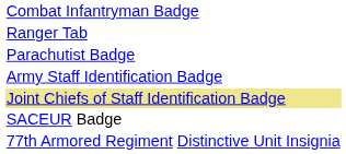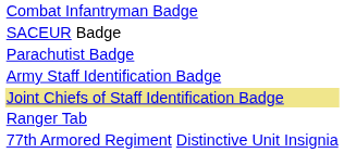 <table>
 <tr>
 <td> <a href='#'>Combat Infantryman Badge</a></td>
 </tr>
 <tr>
-<td> <a href='#'>Ranger Tab</a></td>
+<td> <a href='#'>SACEUR</a> Badge</td>
 </tr>
 <tr>
 <td> <a href='#'>Parachutist Badge</a></td>
 </tr>
 <tr>
 <td> <a href='#'>Army Staff Identification Badge</a></td>
 </tr>
 <tr>
 <td style="background: khaki;"> <a href='#'>Joint Chiefs of Staff Identification Badge</a></td>
 </tr>
 <tr>
-<td> <a href='#'>SACEUR</a> Badge</td>
+<td> <a href='#'>Ranger Tab</a></td>
 </tr>
 <tr>
 <td> <a href='#'>77th Armored Regiment</a> <a href='#'>Distinctive Unit Insignia</a></td>
 </tr>
 </table>
